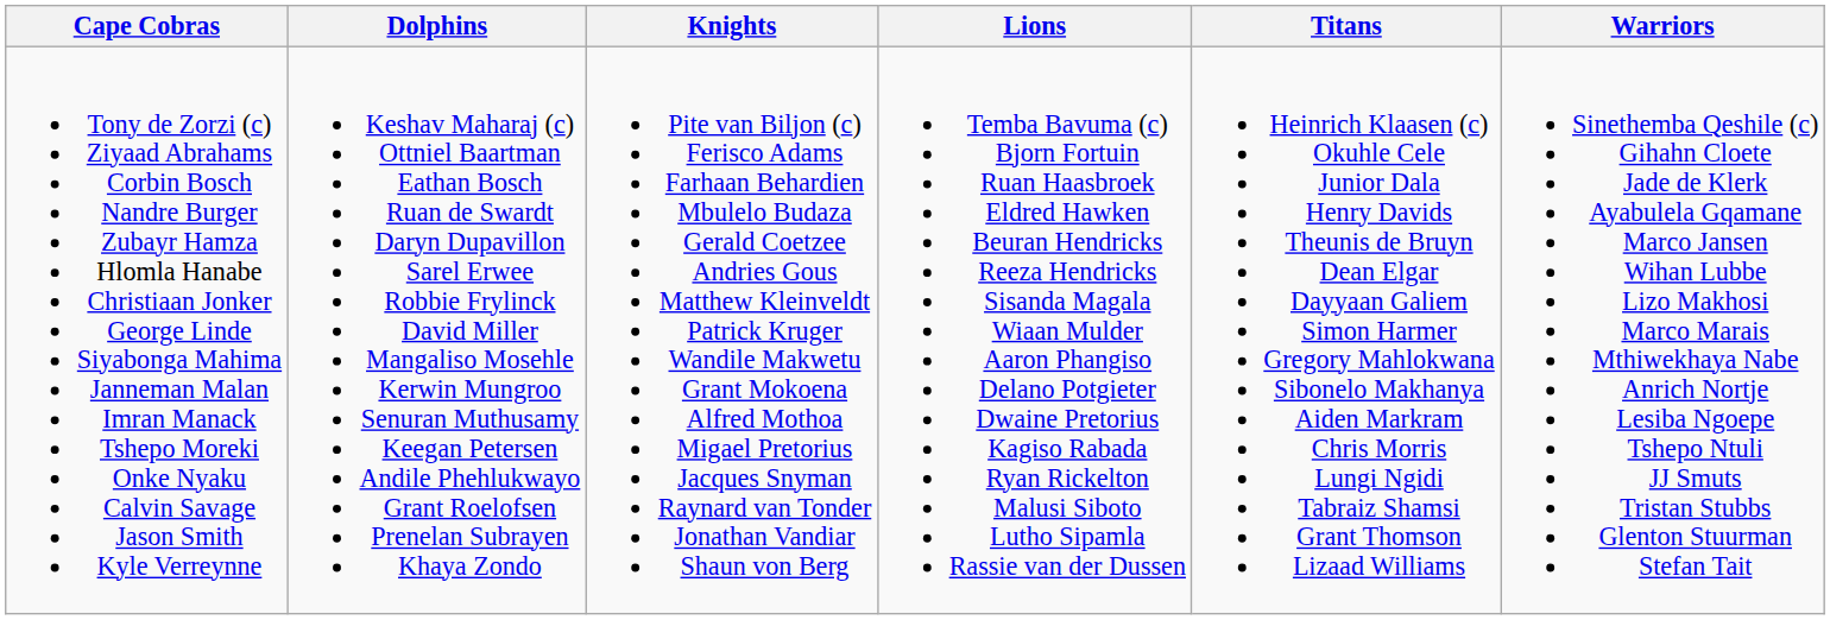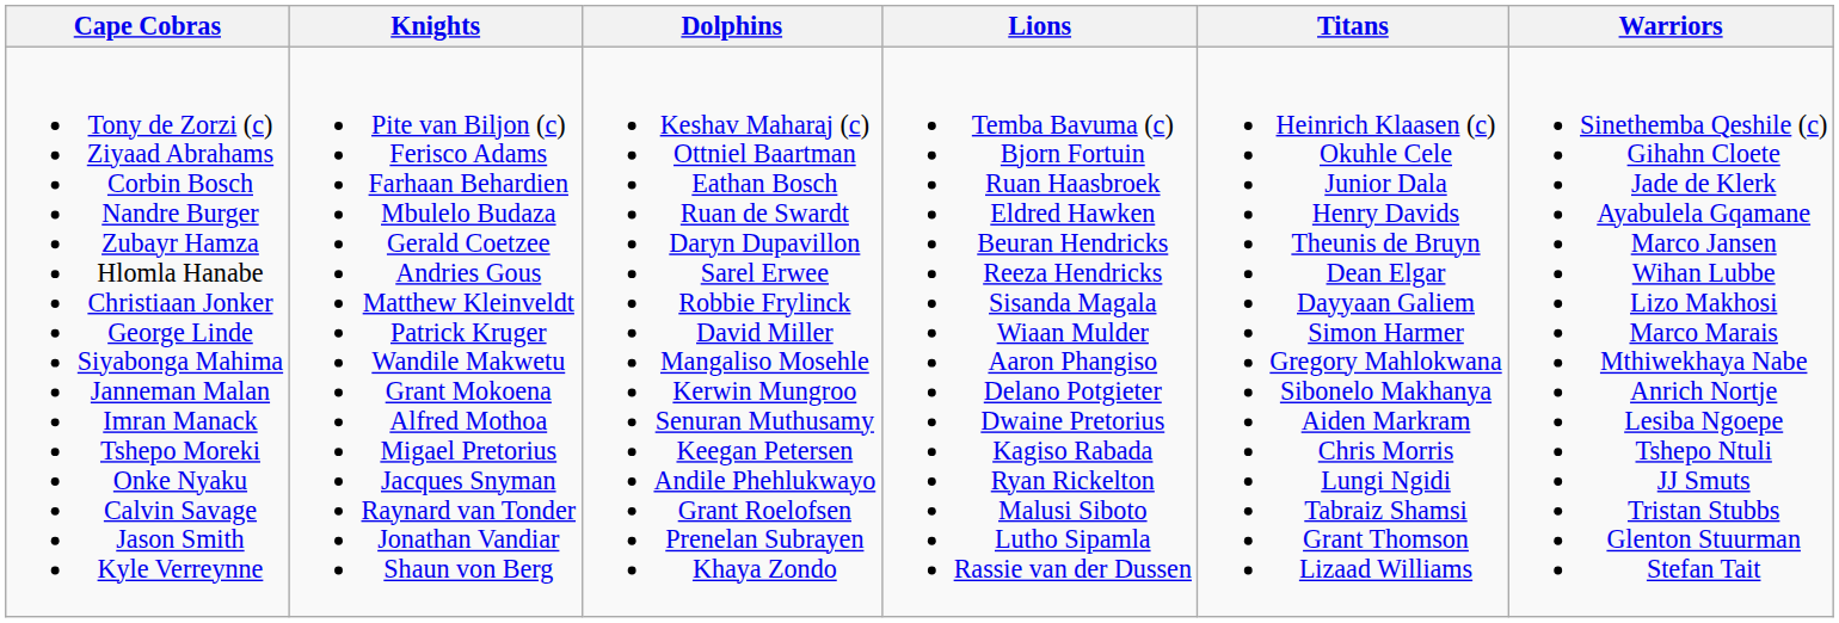 <table class="wikitable" style="text-align:center; margin:auto">
 <tr>
 <th><a href='#'>Cape Cobras</a></th>
+<th><a href='#'>Knights</a></th>
 <th><a href='#'>Dolphins</a></th>
-<th><a href='#'>Knights</a></th>
 <th><a href='#'>Lions</a></th>
 <th><a href='#'>Titans</a></th>
 <th><a href='#'>Warriors</a></th>
 </tr>
 <tr style="vertical-align:top">
 <td><br><ul><li><a href='#'>Tony de Zorzi</a> (<a href='#'>c</a>)</li><li><a href='#'>Ziyaad Abrahams</a></li><li><a href='#'>Corbin Bosch</a></li><li><a href='#'>Nandre Burger</a></li><li><a href='#'>Zubayr Hamza</a></li><li>Hlomla Hanabe</li><li><a href='#'>Christiaan Jonker</a></li><li><a href='#'>George Linde</a></li><li><a href='#'>Siyabonga Mahima</a></li><li><a href='#'>Janneman Malan</a></li><li><a href='#'>Imran Manack</a></li><li><a href='#'>Tshepo Moreki</a></li><li><a href='#'>Onke Nyaku</a></li><li><a href='#'>Calvin Savage</a></li><li><a href='#'>Jason Smith</a></li><li><a href='#'>Kyle Verreynne</a></li></ul></td>
+<td><br><ul><li><a href='#'>Pite van Biljon</a> (<a href='#'>c</a>)</li><li><a href='#'>Ferisco Adams</a></li><li><a href='#'>Farhaan Behardien</a></li><li><a href='#'>Mbulelo Budaza</a></li><li><a href='#'>Gerald Coetzee</a></li><li><a href='#'>Andries Gous</a></li><li><a href='#'>Matthew Kleinveldt</a></li><li><a href='#'>Patrick Kruger</a></li><li><a href='#'>Wandile Makwetu</a></li><li><a href='#'>Grant Mokoena</a></li><li><a href='#'>Alfred Mothoa</a></li><li><a href='#'>Migael Pretorius</a></li><li><a href='#'>Jacques Snyman</a></li><li><a href='#'>Raynard van Tonder</a></li><li><a href='#'>Jonathan Vandiar</a></li><li><a href='#'>Shaun von Berg</a></li></ul></td>
 <td><br><ul><li><a href='#'>Keshav Maharaj</a> (<a href='#'>c</a>)</li><li><a href='#'>Ottniel Baartman</a></li><li><a href='#'>Eathan Bosch</a></li><li><a href='#'>Ruan de Swardt</a></li><li><a href='#'>Daryn Dupavillon</a></li><li><a href='#'>Sarel Erwee</a></li><li><a href='#'>Robbie Frylinck</a></li><li><a href='#'>David Miller</a></li><li><a href='#'>Mangaliso Mosehle</a></li><li><a href='#'>Kerwin Mungroo</a></li><li><a href='#'>Senuran Muthusamy</a></li><li><a href='#'>Keegan Petersen</a></li><li><a href='#'>Andile Phehlukwayo</a></li><li><a href='#'>Grant Roelofsen</a></li><li><a href='#'>Prenelan Subrayen</a></li><li><a href='#'>Khaya Zondo</a></li></ul></td>
-<td><br><ul><li><a href='#'>Pite van Biljon</a> (<a href='#'>c</a>)</li><li><a href='#'>Ferisco Adams</a></li><li><a href='#'>Farhaan Behardien</a></li><li><a href='#'>Mbulelo Budaza</a></li><li><a href='#'>Gerald Coetzee</a></li><li><a href='#'>Andries Gous</a></li><li><a href='#'>Matthew Kleinveldt</a></li><li><a href='#'>Patrick Kruger</a></li><li><a href='#'>Wandile Makwetu</a></li><li><a href='#'>Grant Mokoena</a></li><li><a href='#'>Alfred Mothoa</a></li><li><a href='#'>Migael Pretorius</a></li><li><a href='#'>Jacques Snyman</a></li><li><a href='#'>Raynard van Tonder</a></li><li><a href='#'>Jonathan Vandiar</a></li><li><a href='#'>Shaun von Berg</a></li></ul></td>
 <td><br><ul><li><a href='#'>Temba Bavuma</a> (<a href='#'>c</a>)</li><li><a href='#'>Bjorn Fortuin</a></li><li><a href='#'>Ruan Haasbroek</a></li><li><a href='#'>Eldred Hawken</a></li><li><a href='#'>Beuran Hendricks</a></li><li><a href='#'>Reeza Hendricks</a></li><li><a href='#'>Sisanda Magala</a></li><li><a href='#'>Wiaan Mulder</a></li><li><a href='#'>Aaron Phangiso</a></li><li><a href='#'>Delano Potgieter</a></li><li><a href='#'>Dwaine Pretorius</a></li><li><a href='#'>Kagiso Rabada</a></li><li><a href='#'>Ryan Rickelton</a></li><li><a href='#'>Malusi Siboto</a></li><li><a href='#'>Lutho Sipamla</a></li><li><a href='#'>Rassie van der Dussen</a></li></ul></td>
 <td><br><ul><li><a href='#'>Heinrich Klaasen</a> (<a href='#'>c</a>)</li><li><a href='#'>Okuhle Cele</a></li><li><a href='#'>Junior Dala</a></li><li><a href='#'>Henry Davids</a></li><li><a href='#'>Theunis de Bruyn</a></li><li><a href='#'>Dean Elgar</a></li><li><a href='#'>Dayyaan Galiem</a></li><li><a href='#'>Simon Harmer</a></li><li><a href='#'>Gregory Mahlokwana</a></li><li><a href='#'>Sibonelo Makhanya</a></li><li><a href='#'>Aiden Markram</a></li><li><a href='#'>Chris Morris</a></li><li><a href='#'>Lungi Ngidi</a></li><li><a href='#'>Tabraiz Shamsi</a></li><li><a href='#'>Grant Thomson</a></li><li><a href='#'>Lizaad Williams</a></li></ul></td>
 <td><br><ul><li><a href='#'>Sinethemba Qeshile</a> (<a href='#'>c</a>)</li><li><a href='#'>Gihahn Cloete</a></li><li><a href='#'>Jade de Klerk</a></li><li><a href='#'>Ayabulela Gqamane</a></li><li><a href='#'>Marco Jansen</a></li><li><a href='#'>Wihan Lubbe</a></li><li><a href='#'>Lizo Makhosi</a></li><li><a href='#'>Marco Marais</a></li><li><a href='#'>Mthiwekhaya Nabe</a></li><li><a href='#'>Anrich Nortje</a></li><li><a href='#'>Lesiba Ngoepe</a></li><li><a href='#'>Tshepo Ntuli</a></li><li><a href='#'>JJ Smuts</a></li><li><a href='#'>Tristan Stubbs</a></li><li><a href='#'>Glenton Stuurman</a></li><li><a href='#'>Stefan Tait</a></li></ul></td>
 </tr>
 </table>
